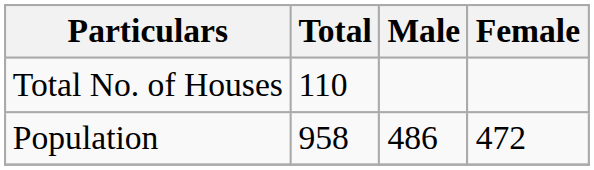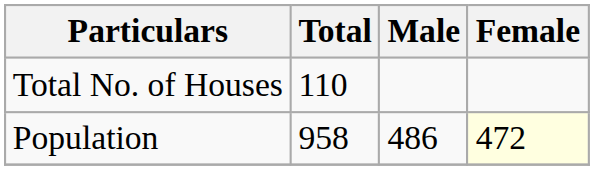 <table class="wikitable sortable">
 <tr>
 <th>Particulars</th>
 <th>Total</th>
 <th>Male</th>
 <th>Female</th>
 </tr>
 <tr>
 <td>Total No. of Houses</td>
 <td>110</td>
 <td></td>
 <td></td>
 </tr>
 <tr>
 <td>Population</td>
 <td>958</td>
 <td>486</td>
-<td>472</td>
+<td style="background: lightyellow;">472</td>
 </tr>
 <tr>
 </tr>
 </table>
